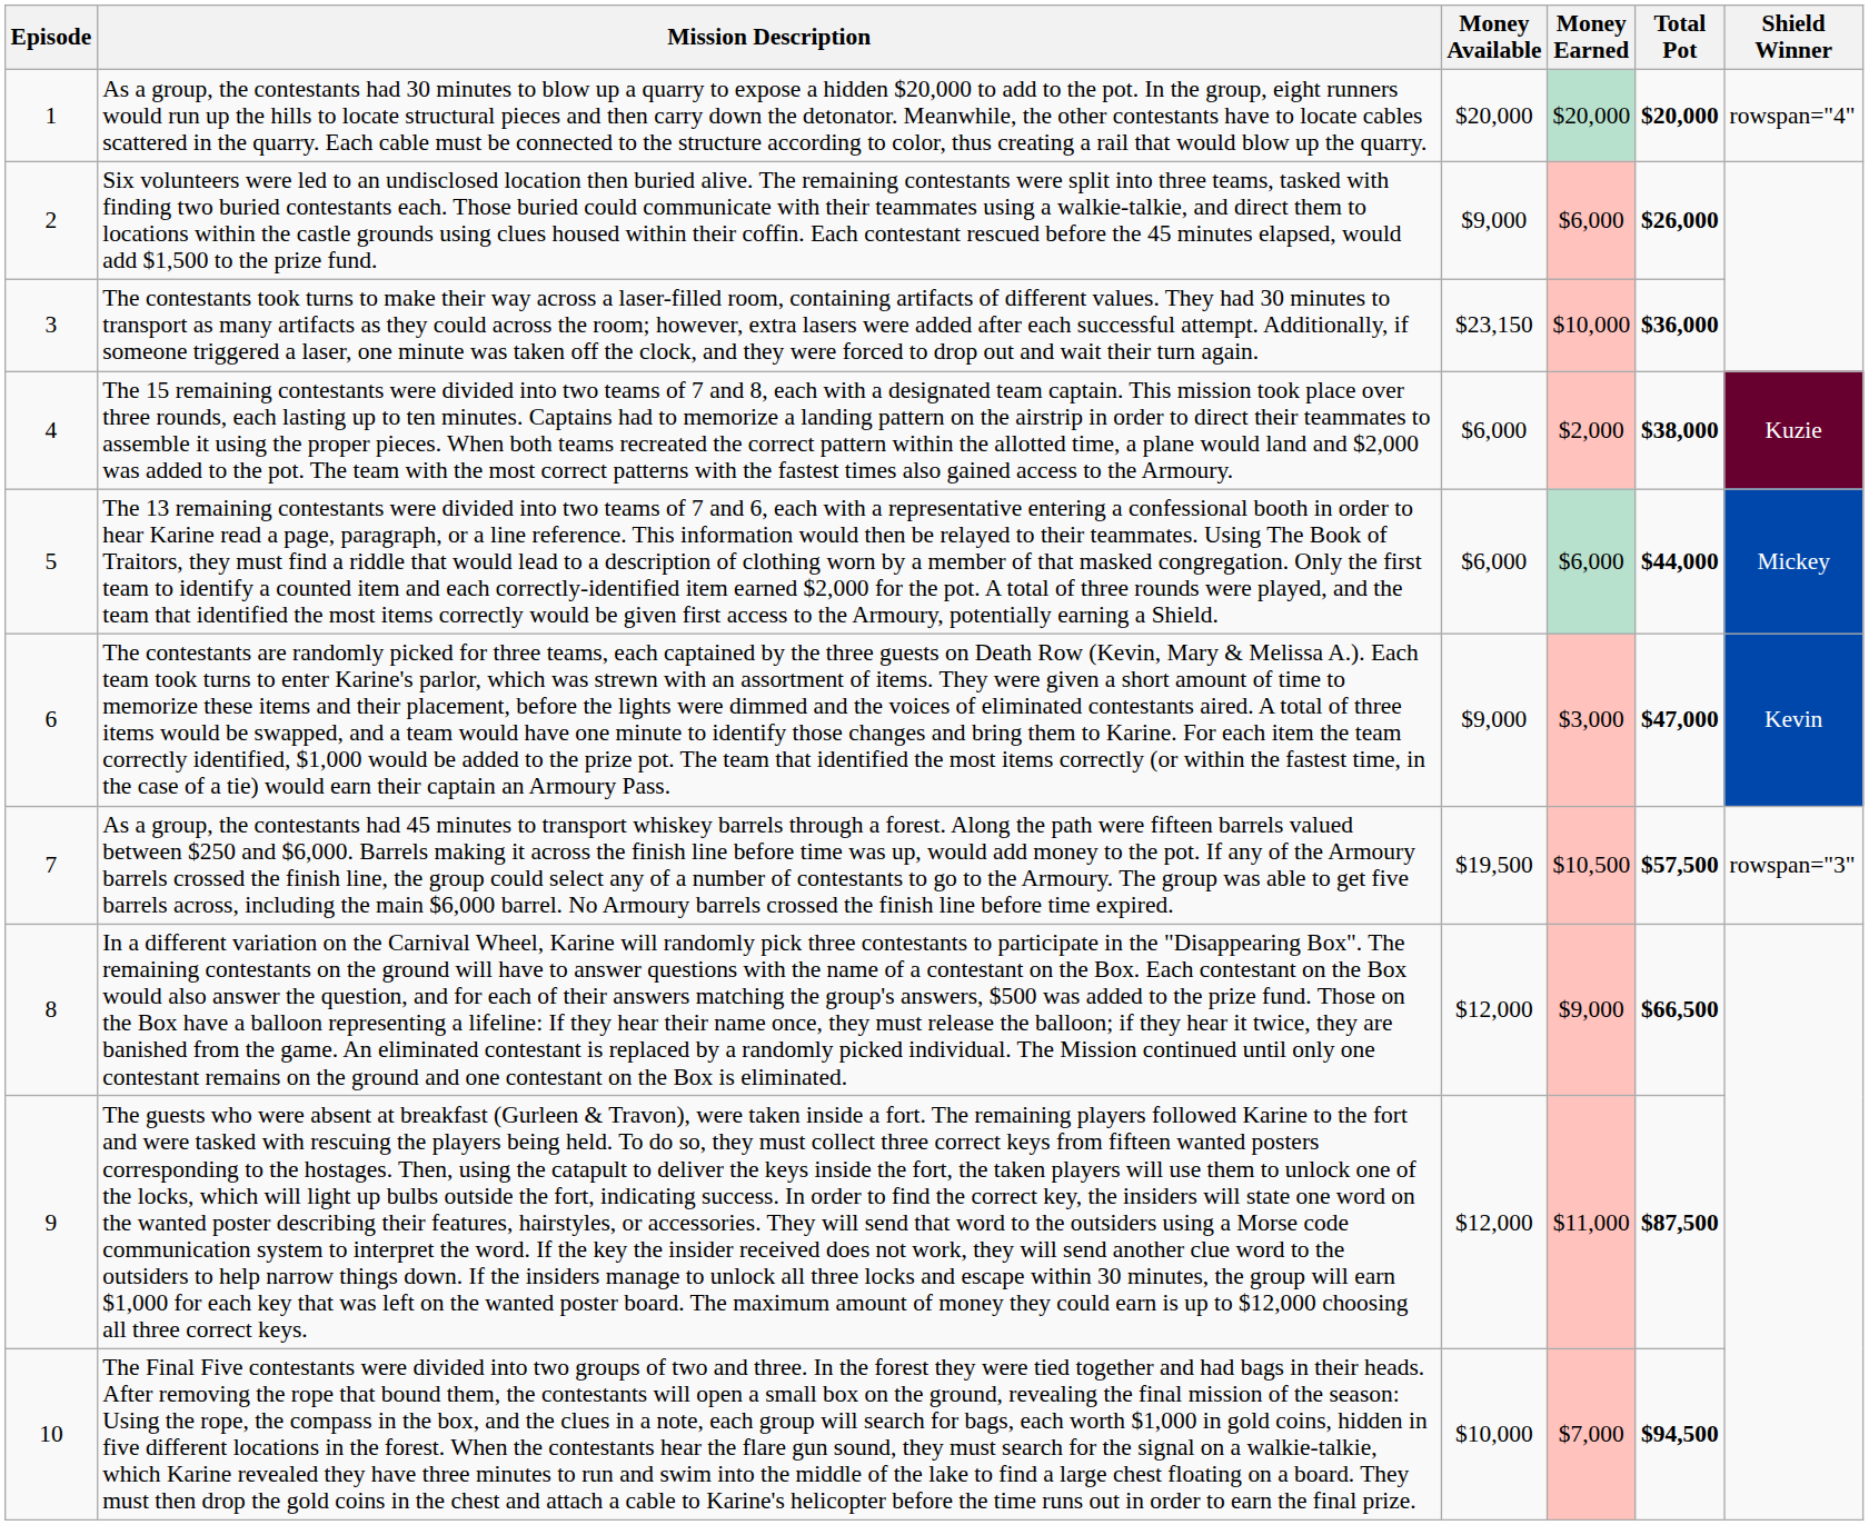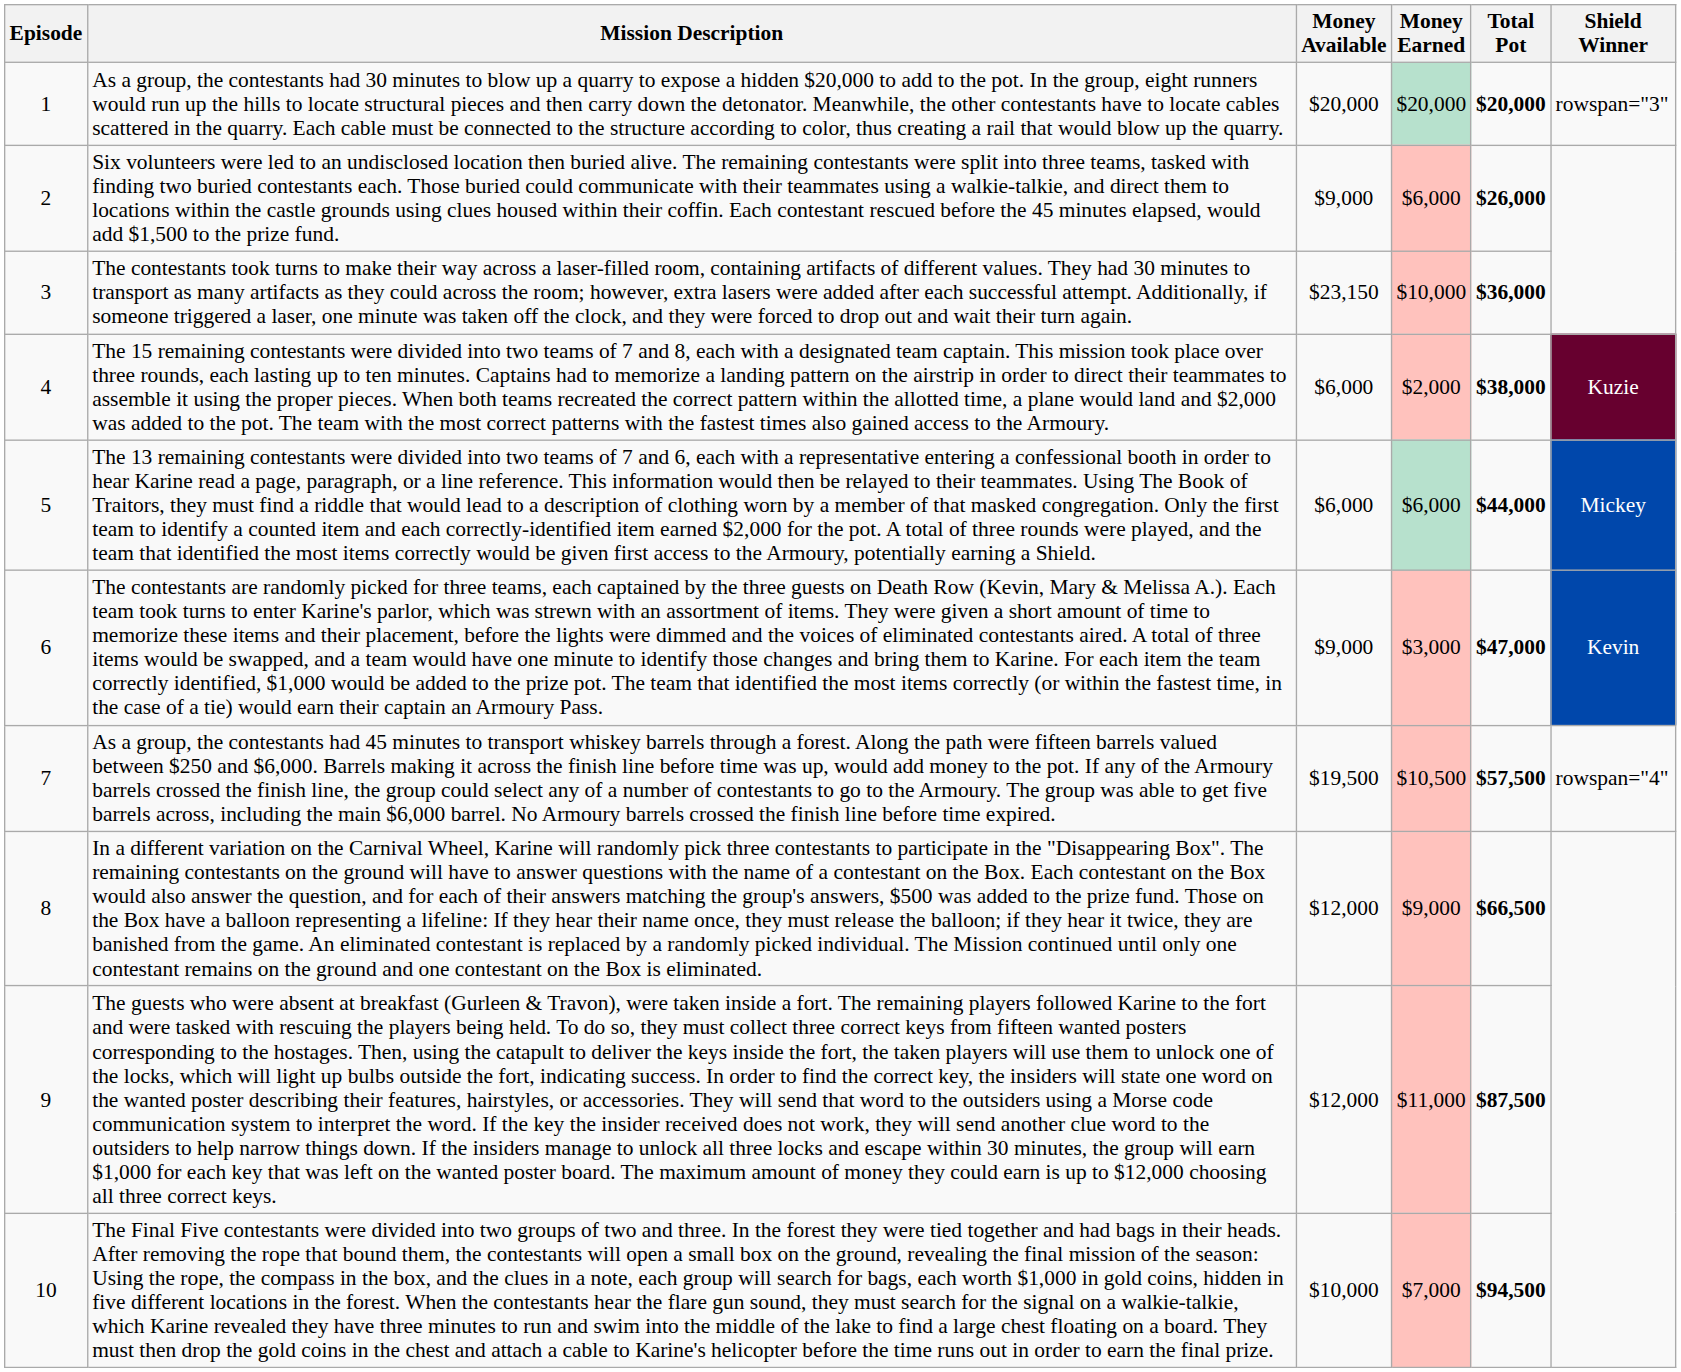 <table class="wikitable">
 <tr>
 <th>Episode</th>
 <th>Mission Description</th>
 <th>Money<br>Available</th>
 <th>Money<br>Earned</th>
 <th>Total<br>Pot</th>
 <th>Shield Winner</th>
 </tr>
 <tr>
 <td align="center">1</td>
 <td>As a group, the contestants had 30 minutes to blow up a quarry to expose a hidden $20,000 to add to the pot. In the group, eight runners would run up the hills to locate structural pieces and then carry down the detonator. Meanwhile, the other contestants have to locate cables scattered in the quarry. Each cable must be connected to the structure according to color, thus creating a rail that would blow up the quarry.</td>
 <td align="center">$20,000</td>
 <td style="background:#B7E1CD" align="center">$20,000</td>
 <td align="center"><strong>$20,000</strong></td>
-<td>rowspan="4" </td>
+<td>rowspan="3" </td>
 </tr>
 <tr>
 <td align="center">2</td>
 <td>Six volunteers were led to an undisclosed location then buried alive. The remaining contestants were split into three teams, tasked with finding two buried contestants each. Those buried could communicate with their teammates using a walkie-talkie, and direct them to locations within the castle grounds using clues housed within their coffin. Each contestant rescued before the 45 minutes elapsed, would add $1,500 to the prize fund.</td>
 <td align="center">$9,000</td>
 <td style="background:#FFC2BD" align="center">$6,000</td>
 <td align="center"><strong>$26,000</strong></td>
 </tr>
 <tr>
 <td align="center">3</td>
 <td>The contestants took turns to make their way across a laser-filled room, containing  artifacts of different values. They had 30 minutes to transport as many artifacts as they could across the room; however, extra lasers were added after each successful attempt. Additionally, if someone triggered a laser, one minute was taken off the clock, and they were forced to drop out and wait their turn again.</td>
 <td align="center">$23,150</td>
 <td style="background:#FFC2BD" align="center">$10,000</td>
 <td align="center"><strong>$36,000</strong></td>
 </tr>
 <tr>
 <td align="center">4</td>
 <td>The 15 remaining contestants were divided into two teams of 7 and 8, each with a designated team captain. This mission took place over three rounds, each lasting up to ten minutes. Captains had to memorize a landing pattern on the airstrip in order to direct their teammates to assemble it using the proper pieces. When both teams recreated the correct pattern within the allotted time, a plane would land and $2,000 was added to the pot. The team with the most correct patterns with the fastest times also gained access to the Armoury.</td>
 <td align="center">$6,000</td>
 <td style="background:#FFC2BD" align="center">$2,000</td>
 <td align="center"><strong>$38,000</strong></td>
 <td bgcolor="#67002f" align="center" style="color:#FFFFFF;">Kuzie</td>
 </tr>
 <tr>
 <td align="center">5</td>
 <td>The 13 remaining contestants were divided into two teams of 7 and 6, each with a representative entering a confessional booth in order to hear Karine read a page, paragraph, or a line reference. This information would then be relayed to their teammates. Using The Book of Traitors, they must find a riddle that would lead to a description of clothing worn by a member of that masked congregation. Only the first team to identify a counted item and each correctly-identified item earned $2,000 for the pot. A total of three rounds were played, and the team that identified the most items correctly would be given first access to the Armoury, potentially earning a Shield.</td>
 <td align="center">$6,000</td>
 <td style="background:#B7E1CD" align="center">$6,000</td>
 <td align="center"><strong>$44,000</strong></td>
 <td bgcolor="#0047AB" align="center" style="color:#FFFFFF;">Mickey</td>
 </tr>
 <tr>
 <td align="center">6</td>
 <td>The contestants are randomly picked for three teams, each captained by the three guests on Death Row (Kevin, Mary & Melissa A.). Each team took turns to enter Karine's parlor, which was strewn with an assortment of items. They were given a short amount of time to memorize these items and their placement, before the lights were dimmed and the voices of eliminated contestants aired.  A total of three items would be swapped, and a team would have one minute to identify those changes and bring them to Karine. For each item the team correctly identified, $1,000 would be added to the prize pot. The team that identified the most items correctly (or within the fastest time, in the case of a tie) would earn their captain an Armoury Pass.</td>
 <td align="center">$9,000</td>
 <td style="background:#FFC2BD" align="center">$3,000</td>
 <td align="center"><strong>$47,000</strong></td>
 <td bgcolor="#0047AB" align="center" style="color:#FFFFFF;">Kevin</td>
 </tr>
 <tr>
 <td align="center">7</td>
 <td>As a group, the contestants had 45 minutes to transport whiskey barrels through a forest. Along the path were fifteen barrels valued between $250 and $6,000. Barrels making it across the finish line before time was up, would add money to the pot. If any of the Armoury barrels crossed the finish line, the group could select any of a  number of contestants to go to the Armoury. The group was able to get five barrels across, including the main $6,000 barrel. No Armoury barrels crossed the finish line before time expired.</td>
 <td align="center">$19,500</td>
 <td style="background:#FFC2BD" align="center">$10,500</td>
 <td align="center"><strong>$57,500</strong></td>
-<td>rowspan="3" </td>
+<td>rowspan="4" </td>
 </tr>
 <tr>
 <td align="center">8</td>
 <td>In a different variation on the Carnival Wheel, Karine will randomly pick three contestants to participate in the "Disappearing Box". The remaining contestants on the ground will have to answer questions with the name of a contestant on the Box. Each contestant on the Box would also answer the question, and for each of their answers matching the group's answers, $500 was added to the prize fund. Those on the Box have a balloon representing a lifeline: If they hear their name once, they must release the balloon; if they hear it twice, they are banished from the game. An eliminated contestant is replaced by a randomly picked individual. The Mission continued until only one contestant remains on the ground and one contestant on the Box is eliminated.</td>
 <td align="center">$12,000</td>
 <td style="background:#FFC2BD" align="center">$9,000</td>
 <td align="center"><strong>$66,500</strong></td>
 </tr>
 <tr>
 <td align="center">9</td>
 <td>The guests who were absent at breakfast (Gurleen & Travon), were taken inside a fort. The remaining players followed Karine to the fort and were tasked with rescuing the players being held. To do so, they must collect three correct keys from fifteen wanted posters corresponding to the hostages. Then, using the catapult to deliver the keys inside the fort, the taken players will use them to unlock one of the locks, which will light up bulbs outside the fort, indicating success. In order to find the correct key, the insiders will state one word on the wanted poster describing their features, hairstyles, or accessories. They will send that word to the outsiders using a Morse code communication system to interpret the word. If the key the insider received does not work, they will send another clue word to the outsiders to help narrow things down. If the insiders manage to unlock all three locks and escape within 30 minutes, the group will earn $1,000 for each key that was left on the wanted poster board. The maximum amount of money they could earn is up to $12,000 choosing all three correct keys.</td>
 <td align="center">$12,000</td>
 <td style="background:#FFC2BD" align="center">$11,000</td>
 <td align="center"><strong>$87,500</strong></td>
 </tr>
 <tr>
 <td align="center">10</td>
 <td>The Final Five contestants were divided into two groups of two and three. In the forest they were tied together and had bags in their heads.  After removing the rope that bound them, the contestants will open a small box on the ground, revealing the final mission of the season: Using the rope, the compass in the box, and the clues in a note, each group will search for bags, each worth $1,000 in gold coins, hidden in five different locations in the forest. When the contestants hear the flare gun sound, they must search for the signal on a walkie-talkie, which Karine revealed they have three minutes to run and swim into the middle of the lake to find a large chest floating on a board. They must then drop the gold coins in the chest and attach a cable to Karine's helicopter before the time runs out in order to earn the final prize.</td>
 <td align="center">$10,000</td>
 <td style="background:#FFC2BD" align="center">$7,000</td>
 <td align="center"><strong>$94,500</strong></td>
 </tr>
 </table>
